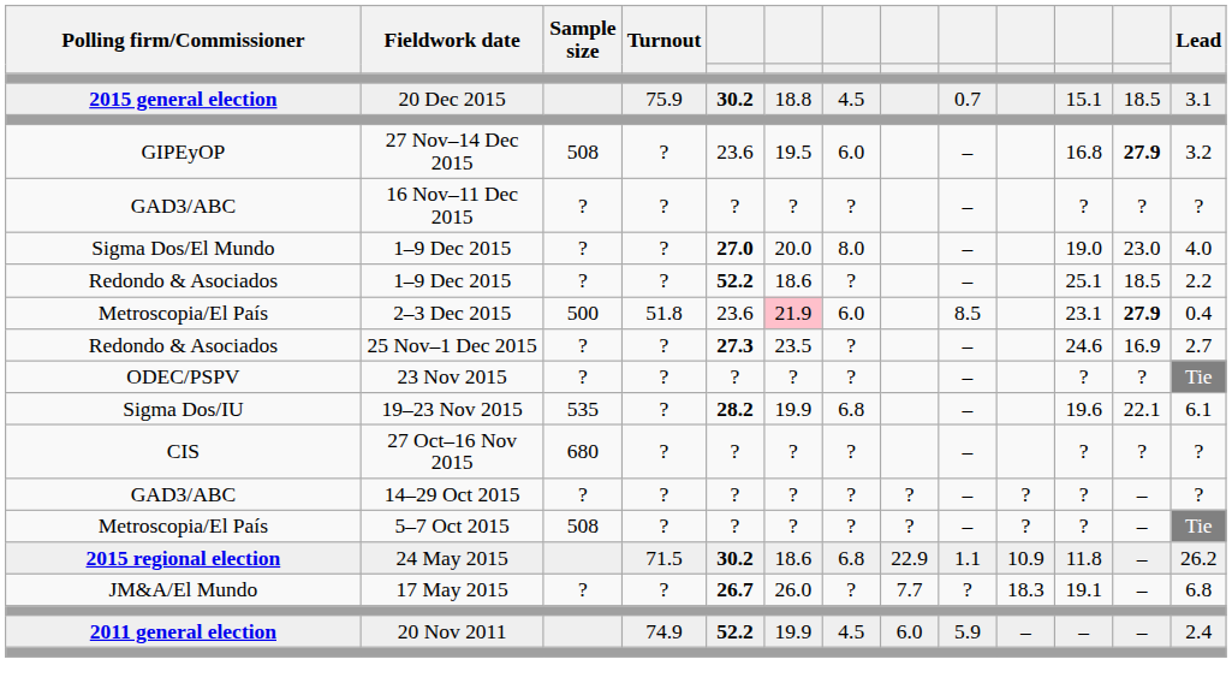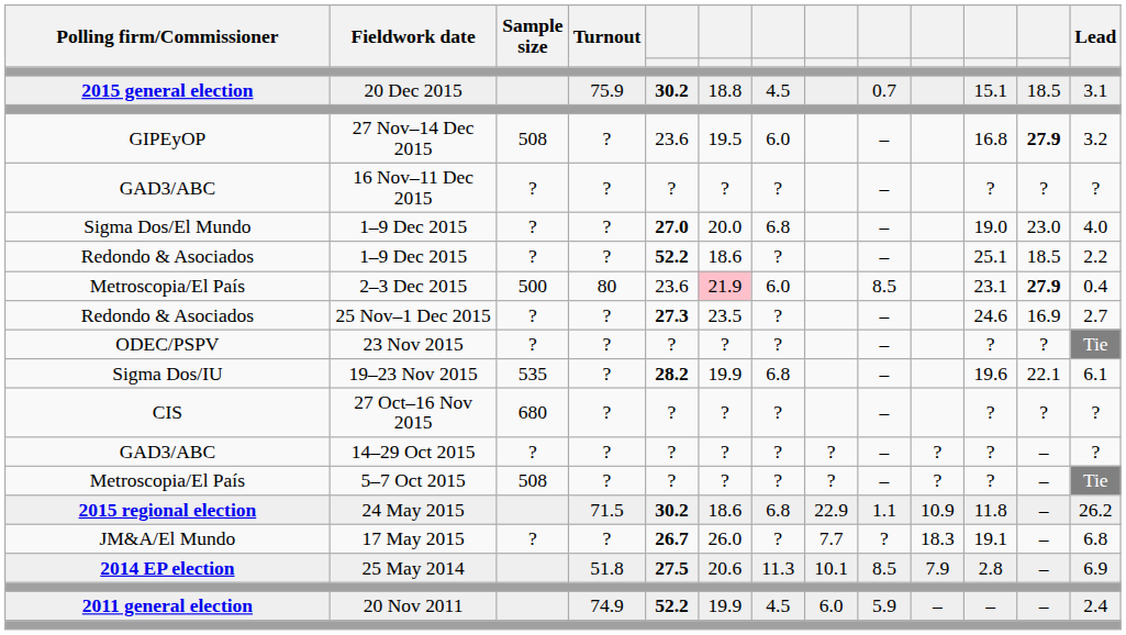 <table class="wikitable collapsible collapsed" style="text-align:center; font-size:95%; line-height:16px;">
 <tr style="height:42px; background-color:#E9E9E9">
 <th style="width:250px;" rowspan="2">Polling firm/Commissioner</th>
 <th style="width:125px;" rowspan="2">Fieldwork date</th>
 <th style="width:50px;" rowspan="2">Sample size</th>
 <th style="width:45px;" rowspan="2">Turnout</th>
 <th style="width:35px;"></th>
 <th style="width:35px;"></th>
 <th style="width:35px;"></th>
 <th style="width:35px;"></th>
 <th style="width:35px;"></th>
 <th style="width:35px;"></th>
 <th style="width:35px;"></th>
 <th style="width:35px;"></th>
 <th style="width:30px;" rowspan="2">Lead</th>
 </tr>
 <tr>
 <th style="color:inherit;background:"></th>
 <th style="color:inherit;background:"></th>
 <th style="color:inherit;background:"></th>
 <th style="color:inherit;background:"></th>
 <th style="color:inherit;background:"></th>
 <th style="color:inherit;background:"></th>
 <th style="color:inherit;background:"></th>
 <th style="color:inherit;background:"></th>
 </tr>
 <tr>
 <td colspan="13" style="background:#A0A0A0"></td>
 </tr>
 <tr style="background:#EFEFEF;">
 <td><strong><a href='#'>2015 general election</a></strong></td>
 <td>20 Dec 2015</td>
 <td></td>
 <td>75.9</td>
 <td><strong>30.2</strong><br></td>
 <td>18.8<br></td>
 <td>4.5<br></td>
 <td></td>
 <td>0.7<br></td>
 <td></td>
 <td>15.1<br></td>
 <td>18.5<br></td>
 <td style="background:">3.1</td>
 </tr>
 <tr>
 <td colspan="13" style="background:#A0A0A0"></td>
 </tr>
 <tr>
 <td>GIPEyOP</td>
 <td>27 Nov–14 Dec 2015</td>
 <td>508</td>
 <td>?</td>
 <td>23.6<br></td>
 <td>19.5<br></td>
 <td>6.0<br></td>
 <td></td>
 <td>–</td>
 <td></td>
 <td>16.8<br></td>
 <td><strong>27.9</strong><br></td>
 <td style="background:">3.2</td>
 </tr>
 <tr>
 <td>GAD3/ABC</td>
 <td>16 Nov–11 Dec 2015</td>
 <td>?</td>
 <td>?</td>
 <td>?<br></td>
 <td>?<br></td>
 <td>?<br></td>
 <td></td>
 <td>–</td>
 <td></td>
 <td>?<br></td>
 <td>?<br></td>
 <td style="background:">?</td>
 </tr>
 <tr>
 <td>Sigma Dos/El Mundo</td>
 <td>1–9 Dec 2015</td>
 <td>?</td>
 <td>?</td>
 <td><strong>27.0</strong><br></td>
 <td>20.0<br></td>
-<td>8.0<br></td>
+<td>6.8<br></td>
 <td></td>
 <td>–</td>
 <td></td>
 <td>19.0<br></td>
 <td>23.0<br></td>
 <td style="background:">4.0</td>
 </tr>
 <tr>
 <td>Redondo & Asociados</td>
 <td>1–9 Dec 2015</td>
 <td>?</td>
 <td>?</td>
 <td><strong>52.2</strong><br></td>
 <td>18.6<br></td>
 <td>?<br></td>
 <td></td>
 <td>–</td>
 <td></td>
 <td>25.1<br></td>
 <td>18.5<br></td>
 <td style="background:">2.2</td>
 </tr>
 <tr>
 <td>Metroscopia/El País</td>
 <td>2–3 Dec 2015</td>
 <td>500</td>
-<td>51.8</td>
+<td>80</td>
 <td>23.6<br></td>
 <td style="background: pink;">21.9<br></td>
 <td>6.0<br></td>
 <td></td>
 <td>8.5<br></td>
 <td></td>
 <td>23.1<br></td>
 <td><strong>27.9</strong><br></td>
 <td style="background:">0.4</td>
 </tr>
 <tr>
 <td>Redondo & Asociados</td>
 <td>25 Nov–1 Dec 2015</td>
 <td>?</td>
 <td>?</td>
 <td><strong>27.3</strong><br></td>
 <td>23.5<br></td>
 <td>?<br></td>
 <td></td>
 <td>–</td>
 <td></td>
 <td>24.6<br></td>
 <td>16.9<br></td>
 <td style="background:">2.7</td>
 </tr>
 <tr>
 <td>ODEC/PSPV</td>
 <td>23 Nov 2015</td>
 <td>?</td>
 <td>?</td>
 <td>?<br></td>
 <td>?<br></td>
 <td>?<br></td>
 <td></td>
 <td>–</td>
 <td></td>
 <td>?<br></td>
 <td>?<br></td>
 <td style="background:gray;color:white;">Tie</td>
 </tr>
 <tr>
 <td>Sigma Dos/IU</td>
 <td>19–23 Nov 2015</td>
 <td>535</td>
 <td>?</td>
 <td><strong>28.2</strong><br></td>
 <td>19.9<br></td>
 <td>6.8<br></td>
 <td></td>
 <td>–</td>
 <td></td>
 <td>19.6<br></td>
 <td>22.1<br></td>
 <td style="background:">6.1</td>
 </tr>
 <tr>
 <td>CIS</td>
 <td>27 Oct–16 Nov 2015</td>
 <td>680</td>
 <td>?</td>
 <td>?<br></td>
 <td>?<br></td>
 <td>?<br></td>
 <td></td>
 <td>–</td>
 <td></td>
 <td>?<br></td>
 <td>?<br></td>
 <td style="background:">?</td>
 </tr>
 <tr>
 <td>GAD3/ABC</td>
 <td>14–29 Oct 2015</td>
 <td>?</td>
 <td>?</td>
 <td>?<br></td>
 <td>?<br></td>
 <td>?<br></td>
 <td>?<br></td>
 <td>–</td>
 <td>?<br></td>
 <td>?<br></td>
 <td>–</td>
 <td style="background:">?</td>
 </tr>
 <tr>
 <td>Metroscopia/El País</td>
 <td>5–7 Oct 2015</td>
 <td>508</td>
 <td>?</td>
 <td>?<br></td>
 <td>?<br></td>
 <td>?<br></td>
 <td>?<br></td>
 <td>–</td>
 <td>?<br></td>
 <td>?<br></td>
 <td>–</td>
 <td style="background:gray;color:white;">Tie</td>
 </tr>
 <tr style="background:#EFEFEF;">
 <td><strong><a href='#'>2015 regional election</a></strong></td>
 <td>24 May 2015</td>
 <td></td>
 <td>71.5</td>
 <td><strong>30.2</strong><br></td>
 <td>18.6<br></td>
 <td>6.8<br></td>
 <td>22.9<br></td>
 <td>1.1<br></td>
 <td>10.9<br></td>
 <td>11.8<br></td>
 <td>–</td>
 <td style="background:">26.2</td>
 </tr>
 <tr>
 <td>JM&A/El Mundo</td>
 <td>17 May 2015</td>
 <td>?</td>
 <td>?</td>
 <td><strong>26.7</strong><br></td>
 <td>26.0<br></td>
 <td>?<br></td>
 <td>7.7<br></td>
 <td>?<br></td>
 <td>18.3<br></td>
 <td>19.1<br></td>
 <td>–</td>
 <td style="background:">6.8</td>
 </tr>
+<tr style="background:#EFEFEF;">
+<td><strong><a href='#'>2014 EP election</a></strong></td>
+<td>25 May 2014</td>
+<td></td>
+<td>51.8</td>
+<td><strong>27.5</strong><br></td>
+<td>20.6<br></td>
+<td>11.3<br></td>
+<td>10.1<br></td>
+<td>8.5<br></td>
+<td>7.9<br></td>
+<td>2.8<br></td>
+<td>–</td>
+<td style="background:">6.9</td>
+</tr>
 <tr>
 <td colspan="13" style="background:#A0A0A0"></td>
 </tr>
 <tr style="background:#EFEFEF;">
 <td><strong><a href='#'>2011 general election</a></strong></td>
 <td>20 Nov 2011</td>
 <td></td>
 <td>74.9</td>
 <td><strong>52.2</strong><br></td>
 <td>19.9<br></td>
 <td>4.5<br></td>
 <td>6.0<br></td>
 <td>5.9<br></td>
 <td>–</td>
 <td>–</td>
 <td>–</td>
 <td style="background:">2.4</td>
 </tr>
 <tr>
 <td colspan="13" style="background:#A0A0A0"></td>
 </tr>
 </table>
